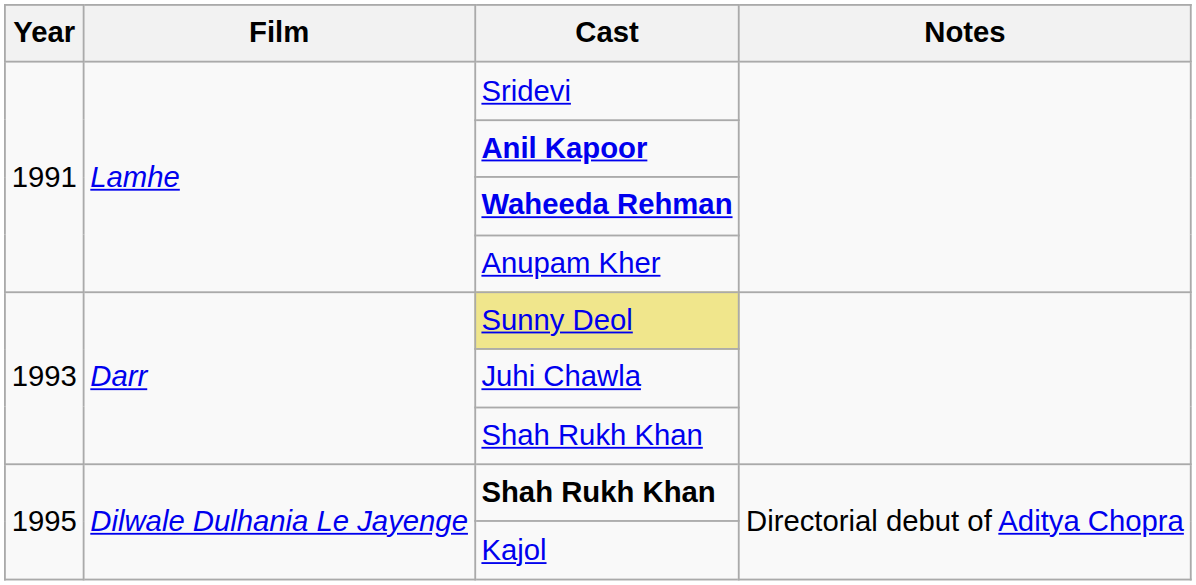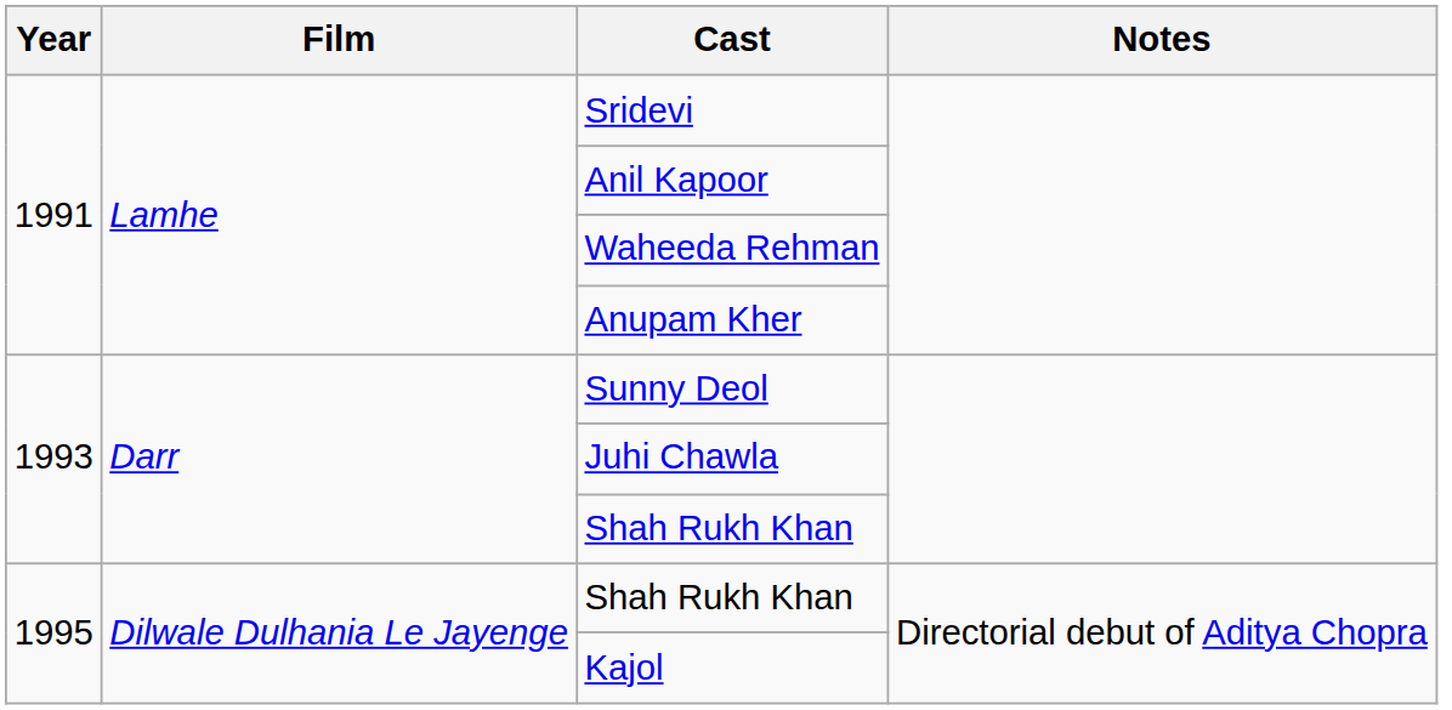 <table class="wikitable sortable" style="font-size:1.00em; line-height:1.5em;">
 <tr>
 <th>Year</th>
 <th>Film</th>
 <th>Cast</th>
 <th>Notes</th>
 </tr>
 <tr>
 <td rowspan="4">1991</td>
 <td rowspan="4"><em><a href='#'>Lamhe</a></em></td>
 <td><a href='#'>Sridevi</a></td>
 <td rowspan="4"></td>
 </tr>
 <tr>
-<td><strong><a href='#'>Anil Kapoor</a></strong></td>
+<td><a href='#'>Anil Kapoor</a></td>
 </tr>
 <tr>
-<td><strong><a href='#'>Waheeda Rehman</a></strong></td>
+<td><a href='#'>Waheeda Rehman</a></td>
 </tr>
 <tr>
 <td><a href='#'>Anupam Kher</a></td>
 </tr>
 <tr>
 <td rowspan="3">1993</td>
 <td rowspan="3"><em><a href='#'>Darr</a></em></td>
-<td style="background: khaki;"><a href='#'>Sunny Deol</a></td>
+<td><a href='#'>Sunny Deol</a></td>
 <td rowspan="3"></td>
 </tr>
 <tr>
 <td><a href='#'>Juhi Chawla</a></td>
 </tr>
 <tr>
 <td><a href='#'>Shah Rukh Khan</a></td>
 </tr>
 <tr>
 <td rowspan="2">1995</td>
 <td rowspan="2"><em><a href='#'>Dilwale Dulhania Le Jayenge</a></em></td>
-<td><strong>Shah Rukh Khan</strong></td>
+<td>Shah Rukh Khan</td>
 <td rowspan="2">Directorial debut of <a href='#'>Aditya Chopra</a></td>
 </tr>
 <tr>
 <td><a href='#'>Kajol</a></td>
 </tr>
 </table>
